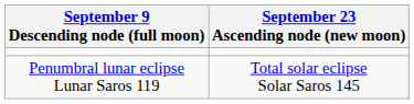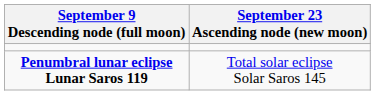 <table class="wikitable">
 <tr>
 <th><a href='#'>September 9</a><br>Descending node (full moon)<br></th>
 <th><a href='#'>September 23</a><br>Ascending node (new moon)<br></th>
 </tr>
 <tr>
 <td></td>
 <td></td>
 </tr>
 <tr align=center>
-<td><a href='#'>Penumbral lunar eclipse</a><br>Lunar Saros 119</td>
+<td><strong><a href='#'>Penumbral lunar eclipse</a><br>Lunar Saros 119</strong></td>
 <td><a href='#'>Total solar eclipse</a><br>Solar Saros 145</td>
 </tr>
 </table>
